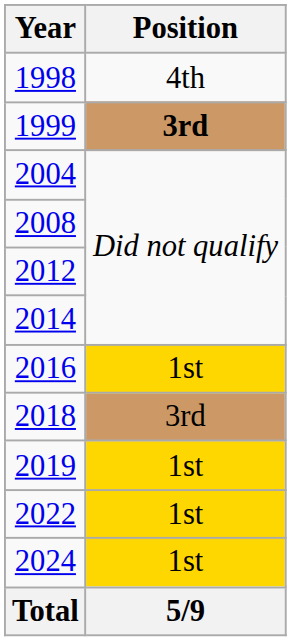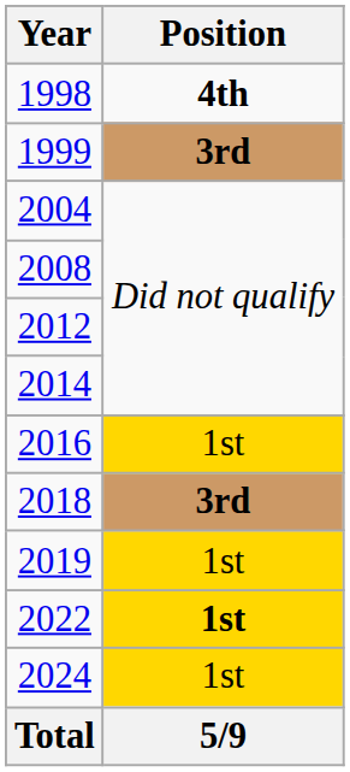 <table class="wikitable" style="text-align: center;">
 <tr>
 <th>Year</th>
 <th>Position</th>
 </tr>
 <tr>
 <td> <a href='#'>1998</a></td>
-<td>4th</td>
+<td><strong>4th</strong></td>
 </tr>
 <tr>
 <td> <a href='#'>1999</a></td>
 <td style="background-color:#cc9966"><strong>3rd</strong></td>
 </tr>
 <tr>
 <td> <a href='#'>2004</a></td>
 <td rowspan=4><em>Did not qualify</em></td>
 </tr>
 <tr>
 <td> <a href='#'>2008</a></td>
 </tr>
 <tr>
 <td> <a href='#'>2012</a></td>
 </tr>
 <tr>
 <td> <a href='#'>2014</a></td>
 </tr>
 <tr>
 <td> <a href='#'>2016</a></td>
 <td style="background-color:gold">1st</td>
 </tr>
 <tr>
 <td> <a href='#'>2018</a></td>
-<td style="background-color:#cc9966">3rd</td>
+<td style="background-color:#cc9966"><strong>3rd</strong></td>
 </tr>
 <tr>
 <td> <a href='#'>2019</a></td>
 <td style="background-color:gold">1st</td>
 </tr>
 <tr>
 <td> <a href='#'>2022</a></td>
-<td style="background-color:gold">1st</td>
+<td style="background-color:gold"><strong>1st</strong></td>
 </tr>
 <tr>
 <td> <a href='#'>2024</a></td>
 <td style="background-color:gold">1st</td>
 </tr>
 <tr>
 <th>Total</th>
 <th>5/9</th>
 </tr>
 </table>
